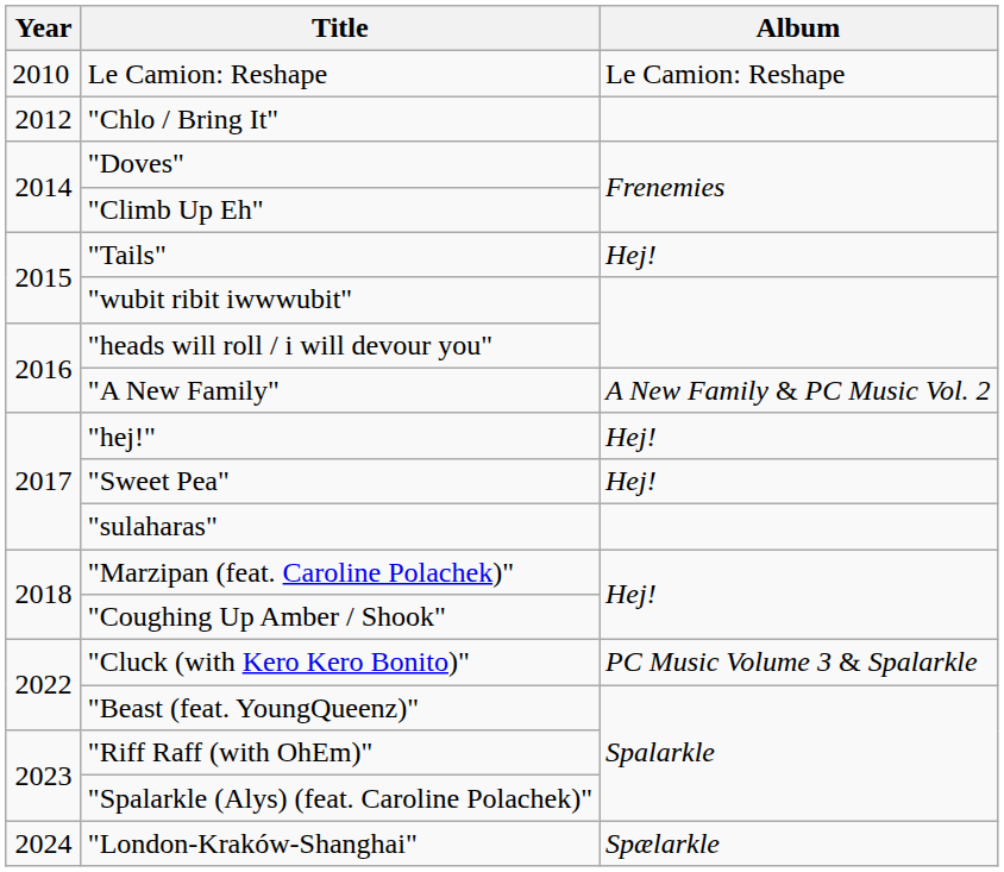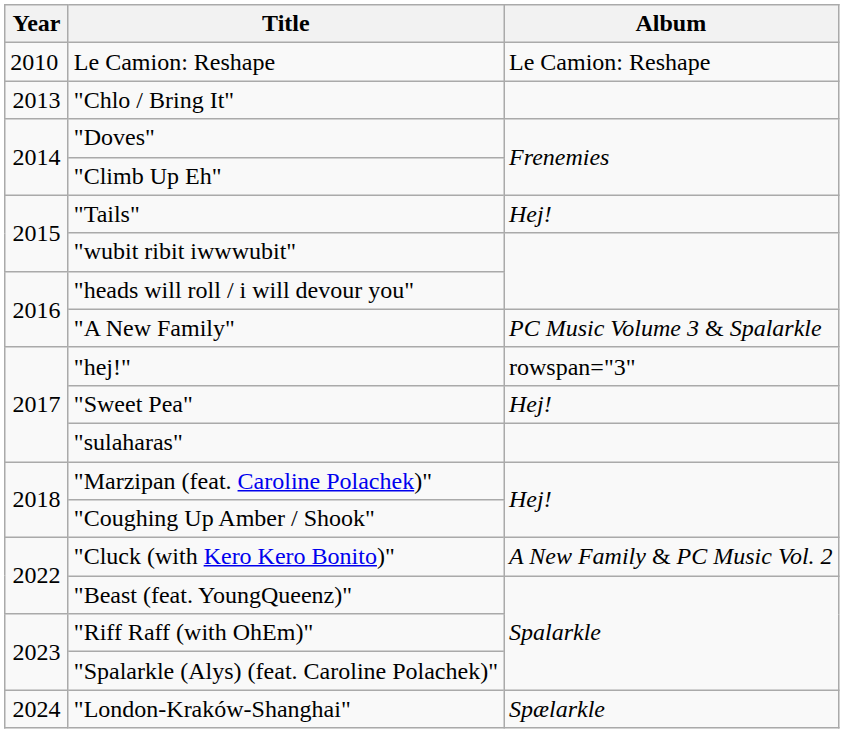 <table class="wikitable">
 <tr>
 <th style="text-align:center; width:35px;">Year</th>
 <th>Title</th>
 <th>Album</th>
 </tr>
 <tr>
 <td>2010</td>
 <td>Le Camion: Reshape</td>
 <td>Le Camion: Reshape</td>
 </tr>
 <tr>
-<td style="text-align:center;">2012</td>
+<td style="text-align:center;">2013</td>
 <td>"Chlo / Bring It"</td>
 <td></td>
 </tr>
 <tr>
 <td style="text-align:center;" rowspan="2">2014</td>
 <td>"Doves"</td>
 <td rowspan="2"><em>Frenemies</em></td>
 </tr>
 <tr>
 <td>"Climb Up Eh"</td>
 </tr>
 <tr>
 <td style="text-align:center;" rowspan="2">2015</td>
 <td>"Tails"</td>
 <td><em>Hej!</em></td>
 </tr>
 <tr>
 <td>"wubit ribit iwwwubit"</td>
 </tr>
 <tr>
 <td style="text-align:center;" rowspan="2">2016</td>
 <td>"heads will roll / i will devour you"</td>
 </tr>
 <tr>
 <td>"A New Family"</td>
-<td><em>A New Family</em> & <em>PC Music Vol. 2</em></td>
+<td><em>PC Music Volume 3</em> & <em>Spalarkle</em></td>
 </tr>
 <tr>
 <td style="text-align:center;" rowspan="3">2017</td>
 <td>"hej!"</td>
-<td><em>Hej!</em></td>
+<td>rowspan="3" </td>
 </tr>
 <tr>
 <td>"Sweet Pea"</td>
 <td><em>Hej!</em></td>
 </tr>
 <tr>
 <td>"sulaharas"</td>
 </tr>
 <tr>
 <td style="text-align:center;" rowspan="2">2018</td>
 <td>"Marzipan (feat. <a href='#'>Caroline Polachek</a>)"</td>
 <td rowspan="2"><em>Hej!</em></td>
 </tr>
 <tr>
 <td>"Coughing Up Amber / Shook"</td>
 </tr>
 <tr>
 <td style="text-align:center;" rowspan="2">2022</td>
 <td>"Cluck (with <a href='#'>Kero Kero Bonito</a>)"</td>
-<td><em>PC Music Volume 3</em> & <em>Spalarkle</em></td>
+<td><em>A New Family</em> & <em>PC Music Vol. 2</em></td>
 </tr>
 <tr>
 <td>"Beast (feat. YoungQueenz)"</td>
 <td rowspan="3"><em>Spalarkle</em></td>
 </tr>
 <tr>
 <td style="text-align:center;" rowspan="2">2023</td>
 <td>"Riff Raff (with OhEm)"</td>
 </tr>
 <tr>
 <td>"Spalarkle (Alys) (feat. Caroline Polachek)"</td>
 </tr>
 <tr>
 <td style="text-align:center;" rowspan="2">2024</td>
 <td>"London-Kraków-Shanghai"</td>
 <td rowspan="2"><em>Spælarkle</em></td>
 </tr>
 </table>
